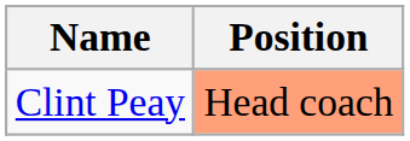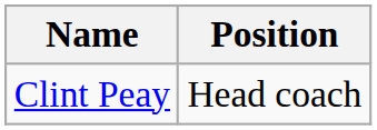 <table class="wikitable">
 <tr>
 <th>Name</th>
 <th>Position</th>
 </tr>
 <tr>
 <td> <a href='#'>Clint Peay</a></td>
-<td style="background: lightsalmon;">Head coach</td>
+<td>Head coach</td>
 </tr>
 </table>
